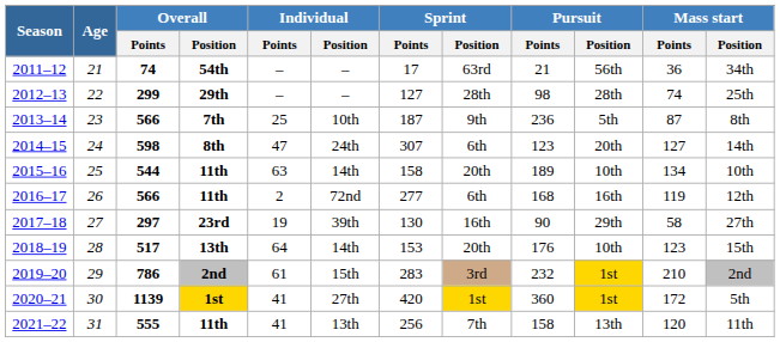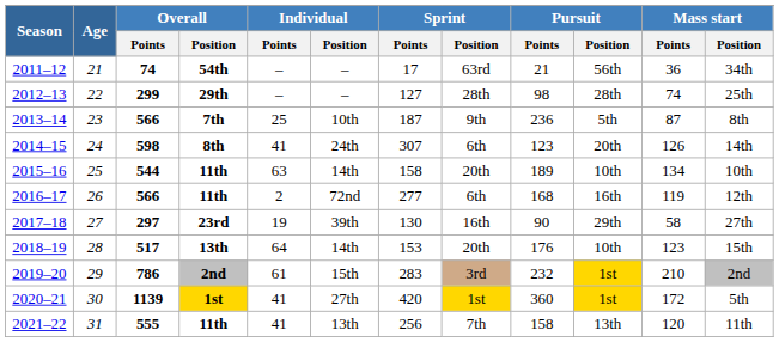 <table class="wikitable" style="font-size:95%; text-align:center; border:grey solid 1px; border-collapse:collapse; background:#ffffff;">
 <tr class="hintergrundfarbe5">
 </tr>
 <tr style="background:#efefef;">
 <th rowspan="2" style="background-color:#369; color:white; width:60px">Season</th>
 <th rowspan="2" style="background-color:#369; color:white; width:35px">Age</th>
 <th colspan="2" style="background-color:#4180be; color:white; width:115px;">Overall</th>
 <th colspan="2" style="background-color:#4180be; color:white; width:115px;">Individual</th>
 <th colspan="2" style="background-color:#4180be; color:white; width:115px;">Sprint</th>
 <th colspan="2" style="background-color:#4180be; color:white; width:115px;">Pursuit</th>
 <th colspan="2" style="background-color:#4180be; color:white; width:115px;">Mass start</th>
 </tr>
 <tr class="hintergrundfarbe5">
 <th style="width:55px;"><small>Points</small></th>
 <th style="width:60px;"><small>Position</small></th>
 <th style="width:55px;"><small>Points</small></th>
 <th style="width:60px;"><small>Position</small></th>
 <th style="width:55px;"><small>Points</small></th>
 <th style="width:60px;"><small>Position</small></th>
 <th style="width:55px;"><small>Points</small></th>
 <th style="width:60px;"><small>Position</small></th>
 <th style="width:55px;"><small>Points</small></th>
 <th style="width:60px;"><small>Position</small></th>
 </tr>
 <tr>
 <td><a href='#'>2011–12</a></td>
 <td><em>21</em></td>
 <td><strong>74</strong></td>
 <td><strong>54th</strong></td>
 <td>–</td>
 <td>–</td>
 <td>17</td>
 <td>63rd</td>
 <td>21</td>
 <td>56th</td>
 <td>36</td>
 <td>34th</td>
 </tr>
 <tr>
 <td><a href='#'>2012–13</a></td>
 <td><em>22</em></td>
 <td><strong>299</strong></td>
 <td><strong>29th</strong></td>
 <td>–</td>
 <td>–</td>
 <td>127</td>
 <td>28th</td>
 <td>98</td>
 <td>28th</td>
 <td>74</td>
 <td>25th</td>
 </tr>
 <tr>
 <td><a href='#'>2013–14</a></td>
 <td><em>23</em></td>
 <td><strong>566</strong></td>
 <td><strong>7th</strong></td>
 <td>25</td>
 <td>10th</td>
 <td>187</td>
 <td>9th</td>
 <td>236</td>
 <td>5th</td>
 <td>87</td>
 <td>8th</td>
 </tr>
 <tr>
 <td><a href='#'>2014–15</a></td>
 <td><em>24</em></td>
 <td><strong>598</strong></td>
 <td><strong>8th</strong></td>
-<td>47</td>
+<td>41</td>
 <td>24th</td>
 <td>307</td>
 <td>6th</td>
 <td>123</td>
 <td>20th</td>
-<td>127</td>
+<td>126</td>
 <td>14th</td>
 </tr>
 <tr>
 <td><a href='#'>2015–16</a></td>
 <td><em>25</em></td>
 <td><strong>544</strong></td>
 <td><strong>11th</strong></td>
 <td>63</td>
 <td>14th</td>
 <td>158</td>
 <td>20th</td>
 <td>189</td>
 <td>10th</td>
 <td>134</td>
 <td>10th</td>
 </tr>
 <tr>
 <td><a href='#'>2016–17</a></td>
 <td><em>26</em></td>
 <td><strong>566</strong></td>
 <td><strong>11th</strong></td>
 <td>2</td>
 <td>72nd</td>
 <td>277</td>
 <td>6th</td>
 <td>168</td>
 <td>16th</td>
 <td>119</td>
 <td>12th</td>
 </tr>
 <tr>
 <td><a href='#'>2017–18</a></td>
 <td><em>27</em></td>
 <td><strong>297</strong></td>
 <td><strong>23rd</strong></td>
 <td>19</td>
 <td>39th</td>
 <td>130</td>
 <td>16th</td>
 <td>90</td>
 <td>29th</td>
 <td>58</td>
 <td>27th</td>
 </tr>
 <tr>
 <td><a href='#'>2018–19</a></td>
 <td><em>28</em></td>
 <td><strong>517</strong></td>
 <td><strong>13th</strong></td>
 <td>64</td>
 <td>14th</td>
 <td>153</td>
 <td>20th</td>
 <td>176</td>
 <td>10th</td>
 <td>123</td>
 <td>15th</td>
 </tr>
 <tr>
 <td><a href='#'>2019–20</a></td>
 <td><em>29</em></td>
 <td><strong>786</strong></td>
 <td style="background:silver;"><strong>2nd</strong></td>
 <td>61</td>
 <td>15th</td>
 <td>283</td>
 <td style="background:#cfaa88;">3rd</td>
 <td>232</td>
 <td style="background:gold;">1st</td>
 <td>210</td>
 <td style="background:silver;">2nd</td>
 </tr>
 <tr>
 <td><a href='#'>2020–21</a></td>
 <td><em>30</em></td>
 <td><strong>1139</strong></td>
 <td style="background:gold;"><strong>1st</strong></td>
 <td>41</td>
 <td>27th</td>
 <td>420</td>
 <td style="background:gold;">1st</td>
 <td>360</td>
 <td style="background:gold;">1st</td>
 <td>172</td>
 <td>5th</td>
 </tr>
 <tr>
 <td><a href='#'>2021–22</a></td>
 <td><em>31</em></td>
 <td><strong>555</strong></td>
 <td><strong>11th</strong></td>
 <td>41</td>
 <td>13th</td>
 <td>256</td>
 <td>7th</td>
 <td>158</td>
 <td>13th</td>
 <td>120</td>
 <td>11th</td>
 </tr>
 </table>
